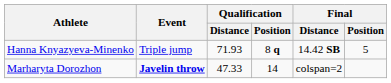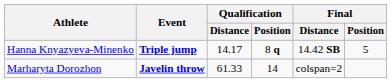 <table class=wikitable style="font-size:90%">
 <tr>
 <th rowspan="2">Athlete</th>
 <th rowspan="2">Event</th>
 <th colspan="2">Qualification</th>
 <th colspan="2">Final</th>
 </tr>
 <tr style="font-size:95%">
 <th>Distance</th>
 <th>Position</th>
 <th>Distance</th>
 <th>Position</th>
 </tr>
 <tr style=text-align:center>
 <td style=text-align:left><a href='#'>Hanna Knyazyeva-Minenko</a></td>
-<td style=text-align:left><a href='#'>Triple jump</a></td>
-<td>71.93</td>
+<td style=text-align:left><strong><a href='#'>Triple jump</a></strong></td>
+<td>14.17</td>
 <td>8 <strong>q</strong></td>
 <td>14.42 <strong>SB</strong></td>
 <td>5</td>
 </tr>
 <tr style=text-align:center>
 <td style=text-align:left><a href='#'>Marharyta Dorozhon</a></td>
 <td style=text-align:left><strong><a href='#'>Javelin throw</a></strong></td>
-<td>47.33</td>
+<td>61.33</td>
 <td>14</td>
 <td>colspan=2 </td>
 </tr>
 </table>
